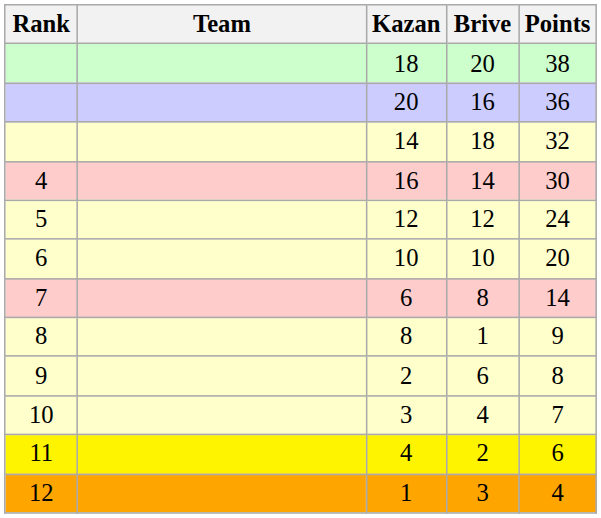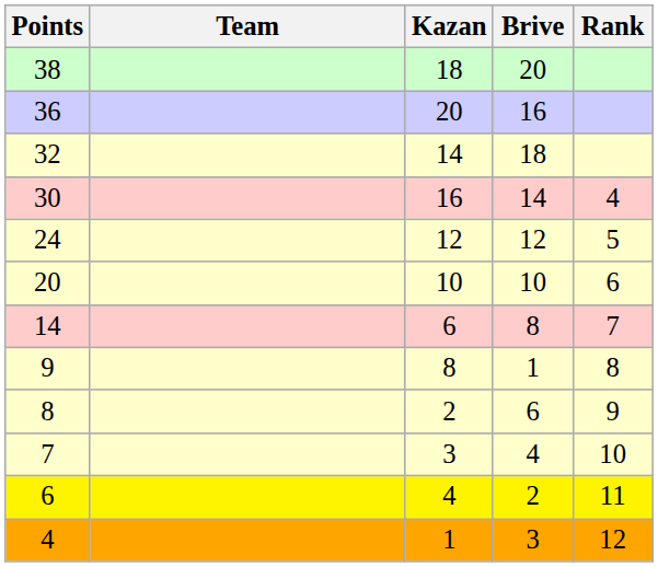 <table class="wikitable" style="text-align: center;">
 <tr>
-<th width=40>Rank</th>
+<th width=40>Points</th>
 <th width=180>Team</th>
 <th width=40>Kazan</th>
 <th width=40>Brive</th>
-<th width=40>Points</th>
+<th width=40>Rank</th>
 </tr>
 <tr bgcolor=ccffcc>
-<td></td>
+<td>38</td>
 <td align=left></td>
 <td>18</td>
 <td>20</td>
-<td>38</td>
+<td></td>
 </tr>
 <tr bgcolor=ccccff>
-<td></td>
+<td>36</td>
 <td align=left></td>
 <td>20</td>
 <td>16</td>
-<td>36</td>
+<td></td>
 </tr>
 <tr bgcolor=ffffcc>
-<td></td>
+<td>32</td>
 <td align=left></td>
 <td>14</td>
 <td>18</td>
-<td>32</td>
+<td></td>
 </tr>
 <tr bgcolor=ffcccc>
-<td>4</td>
+<td>30</td>
 <td align=left></td>
 <td>16</td>
 <td>14</td>
-<td>30</td>
+<td>4</td>
 </tr>
 <tr bgcolor=ffffcc>
-<td>5</td>
+<td>24</td>
 <td align=left></td>
 <td>12</td>
 <td>12</td>
-<td>24</td>
+<td>5</td>
 </tr>
 <tr bgcolor=ffffcc>
-<td>6</td>
+<td>20</td>
 <td align=left></td>
 <td>10</td>
 <td>10</td>
-<td>20</td>
+<td>6</td>
 </tr>
 <tr bgcolor=ffcccc>
-<td>7</td>
+<td>14</td>
 <td align=left></td>
 <td>6</td>
 <td>8</td>
-<td>14</td>
+<td>7</td>
+</tr>
+<tr bgcolor=ffffcc>
+<td>9</td>
+<td align=left></td>
+<td>8</td>
+<td>1</td>
+<td>8</td>
 </tr>
 <tr bgcolor=ffffcc>
 <td>8</td>
 <td align=left></td>
-<td>8</td>
-<td>1</td>
+<td>2</td>
+<td>6</td>
 <td>9</td>
 </tr>
 <tr bgcolor=ffffcc>
-<td>9</td>
-<td align=left></td>
-<td>2</td>
-<td>6</td>
-<td>8</td>
-</tr>
-<tr bgcolor=ffffcc>
-<td>10</td>
+<td>7</td>
 <td align=left></td>
 <td>3</td>
 <td>4</td>
-<td>7</td>
+<td>10</td>
 </tr>
 <tr bgcolor=FFF400>
-<td>11</td>
+<td>6</td>
 <td align=left></td>
 <td>4</td>
 <td>2</td>
-<td>6</td>
+<td>11</td>
 </tr>
 <tr bgcolor=FFA500>
-<td>12</td>
+<td>4</td>
 <td align=left></td>
 <td>1</td>
 <td>3</td>
-<td>4</td>
+<td>12</td>
 </tr>
 </table>
